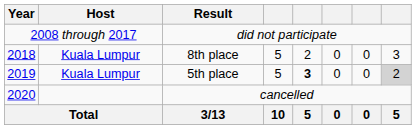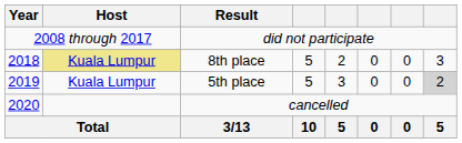 <table class="wikitable" style="text-align:center">
 <tr>
 <th width=30>Year</th>
 <th width=150>Host</th>
 <th width=120>Result</th>
 <th width=30></th>
 <th width=30></th>
 <th width=30></th>
 <th width=30></th>
 <th width=30></th>
 </tr>
 <tr>
 <td colspan=2><a href='#'>2008</a> <em>through</em> <a href='#'>2017</a></td>
 <td colspan=6><em>did not participate</em></td>
 </tr>
 <tr>
 <td><a href='#'>2018</a></td>
-<td> <a href='#'>Kuala Lumpur</a></td>
+<td style="background: khaki;"> <a href='#'>Kuala Lumpur</a></td>
 <td>8th place<br></td>
 <td>5</td>
 <td>2</td>
 <td>0</td>
 <td>0</td>
 <td>3</td>
 </tr>
 <tr>
 <td><a href='#'>2019</a></td>
 <td> <a href='#'>Kuala Lumpur</a></td>
 <td>5th place</td>
 <td>5</td>
-<td><strong>3</strong></td>
+<td>3</td>
 <td>0</td>
 <td>0</td>
 <td style="background: lightgrey;">2</td>
 </tr>
 <tr>
 <td><a href='#'>2020</a></td>
 <td></td>
 <td colspan=6><em>cancelled</em></td>
 </tr>
 <tr>
 <th colspan=2>Total</th>
 <th>3/13</th>
 <th>10</th>
 <th>5</th>
 <th>0</th>
 <th>0</th>
 <th>5</th>
 </tr>
 </table>
